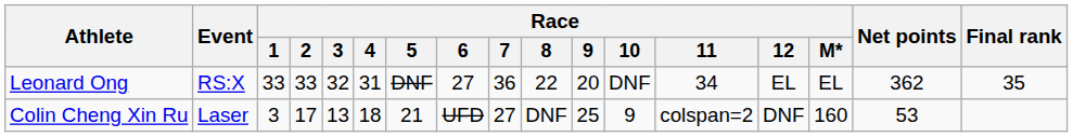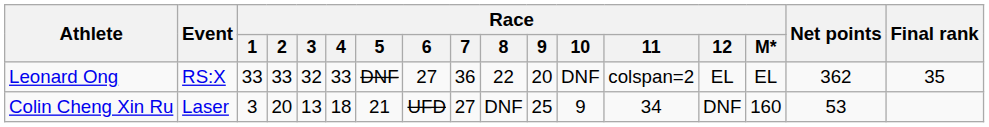 <table class="wikitable" style="font-size:90%">
 <tr>
 <th rowspan="2">Athlete</th>
 <th rowspan="2">Event</th>
 <th colspan=13>Race</th>
 <th rowspan=2>Net points</th>
 <th rowspan=2>Final rank</th>
 </tr>
 <tr style="font-size:95%">
 <th>1</th>
 <th>2</th>
 <th>3</th>
 <th>4</th>
 <th>5</th>
 <th>6</th>
 <th>7</th>
 <th>8</th>
 <th>9</th>
 <th>10</th>
 <th>11</th>
 <th>12</th>
 <th>M*</th>
 </tr>
 <tr align=center>
 <td align=left><a href='#'>Leonard Ong</a></td>
 <td align=left><a href='#'>RS:X</a></td>
 <td>33</td>
 <td>33</td>
 <td>32</td>
-<td>31</td>
+<td>33</td>
 <td><s>DNF</s></td>
 <td>27</td>
 <td>36</td>
 <td>22</td>
 <td>20</td>
 <td>DNF</td>
-<td>34</td>
+<td>colspan=2 </td>
 <td>EL</td>
 <td>EL</td>
 <td>362</td>
 <td>35</td>
 </tr>
 <tr align=center>
 <td align=left><a href='#'>Colin Cheng Xin Ru</a></td>
 <td align=left><a href='#'>Laser</a></td>
 <td>3</td>
-<td>17</td>
+<td>20</td>
 <td>13</td>
 <td>18</td>
 <td>21</td>
 <td><s>UFD</s></td>
 <td>27</td>
 <td>DNF</td>
 <td>25</td>
 <td>9</td>
-<td>colspan=2 </td>
+<td>34</td>
 <td>DNF</td>
 <td>160</td>
 <td>53</td>
 </tr>
 </table>
